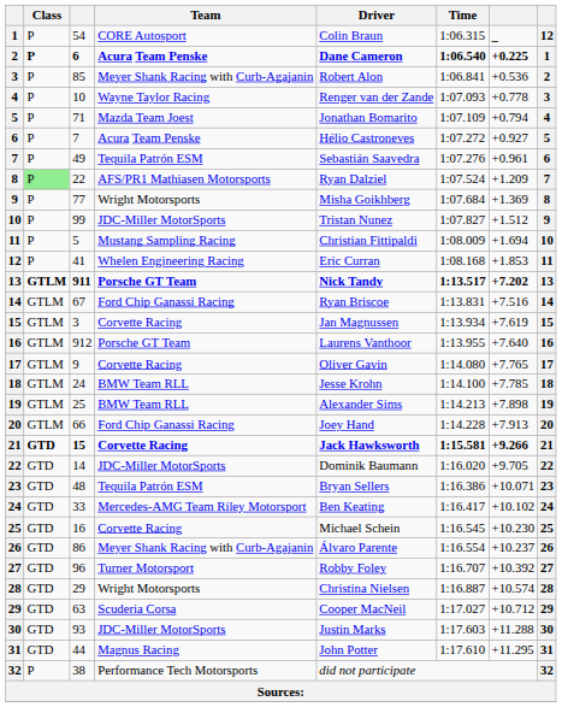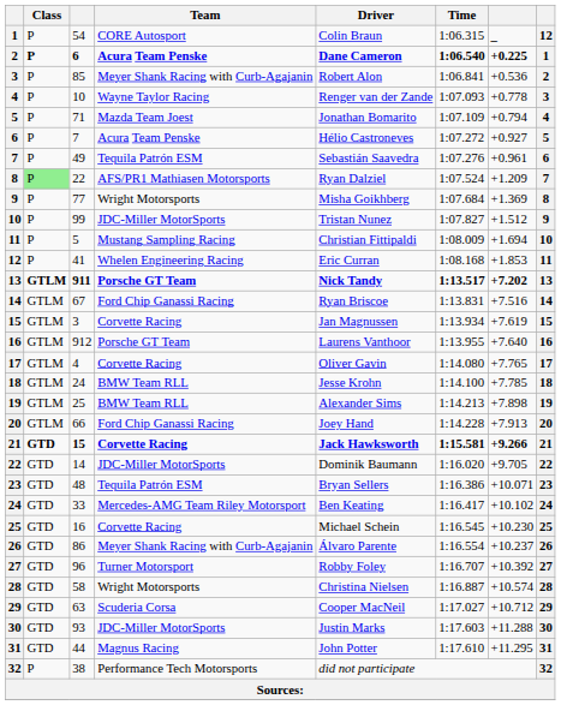 <table class="wikitable">
 <tr>
 <th scope="col"></th>
 <th scope="col">Class</th>
 <th scope="col"></th>
 <th scope="col">Team</th>
 <th scope="col">Driver</th>
 <th scope="col">Time</th>
 <th scope="col"></th>
 <th scope="col"></th>
 </tr>
 <tr>
 <th>1</th>
 <td>P</td>
 <td>54</td>
 <td> <a href='#'>CORE Autosport</a></td>
 <td> <a href='#'>Colin Braun</a></td>
 <td>1:06.315</td>
 <td><strong>_</strong></td>
 <th>12</th>
 </tr>
 <tr style="font-weight:bold">
 <th>2</th>
 <td>P</td>
 <td>6</td>
 <td> <a href='#'>Acura</a> <a href='#'>Team Penske</a></td>
 <td> <a href='#'>Dane Cameron</a></td>
 <td>1:06.540</td>
 <td>+0.225</td>
 <th>1</th>
 </tr>
 <tr>
 <th>3</th>
 <td>P</td>
 <td>85</td>
 <td> <a href='#'>Meyer Shank Racing</a> with <a href='#'>Curb-Agajanin</a></td>
 <td> <a href='#'>Robert Alon</a></td>
 <td>1:06.841</td>
 <td>+0.536</td>
 <th>2</th>
 </tr>
 <tr>
 <th>4</th>
 <td>P</td>
 <td>10</td>
 <td> <a href='#'>Wayne Taylor Racing</a></td>
 <td> <a href='#'>Renger van der Zande</a></td>
 <td>1:07.093</td>
 <td>+0.778</td>
 <th>3</th>
 </tr>
 <tr>
 <th>5</th>
 <td>P</td>
 <td>71</td>
 <td> <a href='#'>Mazda Team Joest</a></td>
 <td> <a href='#'>Jonathan Bomarito</a></td>
 <td>1:07.109</td>
 <td>+0.794</td>
 <th>4</th>
 </tr>
 <tr>
 <th>6</th>
 <td>P</td>
 <td>7</td>
 <td> <a href='#'>Acura</a> <a href='#'>Team Penske</a></td>
 <td> <a href='#'>Hélio Castroneves</a></td>
 <td>1:07.272</td>
 <td>+0.927</td>
 <th>5</th>
 </tr>
 <tr>
 <th>7</th>
 <td>P</td>
 <td>49</td>
 <td> <a href='#'>Tequila Patrón ESM</a></td>
 <td> <a href='#'>Sebastián Saavedra</a></td>
 <td>1:07.276</td>
 <td>+0.961</td>
 <th>6</th>
 </tr>
 <tr>
 <th>8</th>
 <td style="background: lightgreen;">P</td>
 <td>22</td>
 <td> <a href='#'>AFS/PR1 Mathiasen Motorsports</a></td>
 <td> <a href='#'>Ryan Dalziel</a></td>
 <td>1:07.524</td>
 <td>+1.209</td>
 <th>7</th>
 </tr>
 <tr>
 <th>9</th>
 <td>P</td>
 <td>77</td>
 <td> Wright Motorsports</td>
 <td> <a href='#'>Misha Goikhberg</a></td>
 <td>1:07.684</td>
 <td>+1.369</td>
 <th>8</th>
 </tr>
 <tr>
 <th>10</th>
 <td>P</td>
 <td>99</td>
 <td> <a href='#'>JDC-Miller MotorSports</a></td>
 <td> <a href='#'>Tristan Nunez</a></td>
 <td>1:07.827</td>
 <td>+1.512</td>
 <th>9</th>
 </tr>
 <tr>
 <th>11</th>
 <td>P</td>
 <td>5</td>
 <td> <a href='#'>Mustang Sampling Racing</a></td>
 <td> <a href='#'>Christian Fittipaldi</a></td>
 <td>1:08.009</td>
 <td>+1.694</td>
 <th>10</th>
 </tr>
 <tr>
 <th>12</th>
 <td>P</td>
 <td>41</td>
 <td> <a href='#'>Whelen Engineering Racing</a></td>
 <td> <a href='#'>Eric Curran</a></td>
 <td>1:08.168</td>
 <td>+1.853</td>
 <th>11</th>
 </tr>
 <tr style="font-weight:bold">
 <th>13</th>
 <td>GTLM</td>
 <td>911</td>
 <td> <a href='#'>Porsche GT Team</a></td>
 <td> <a href='#'>Nick Tandy</a></td>
 <td>1:13.517</td>
 <td>+7.202</td>
 <th>13</th>
 </tr>
 <tr>
 <th>14</th>
 <td>GTLM</td>
 <td>67</td>
 <td> <a href='#'>Ford Chip Ganassi Racing</a></td>
 <td> <a href='#'>Ryan Briscoe</a></td>
 <td>1:13.831</td>
 <td>+7.516</td>
 <th>14</th>
 </tr>
 <tr>
 <th>15</th>
 <td>GTLM</td>
 <td>3</td>
 <td> <a href='#'>Corvette Racing</a></td>
 <td> <a href='#'>Jan Magnussen</a></td>
 <td>1:13.934</td>
 <td>+7.619</td>
 <th>15</th>
 </tr>
 <tr>
 <th>16</th>
 <td>GTLM</td>
 <td>912</td>
 <td> <a href='#'>Porsche GT Team</a></td>
 <td> <a href='#'>Laurens Vanthoor</a></td>
 <td>1:13.955</td>
 <td>+7.640</td>
 <th>16</th>
 </tr>
 <tr>
 <th>17</th>
 <td>GTLM</td>
-<td>9</td>
+<td>4</td>
 <td> <a href='#'>Corvette Racing</a></td>
 <td> <a href='#'>Oliver Gavin</a></td>
 <td>1:14.080</td>
 <td>+7.765</td>
 <th>17</th>
 </tr>
 <tr>
 <th>18</th>
 <td>GTLM</td>
 <td>24</td>
 <td> <a href='#'>BMW Team RLL</a></td>
 <td> <a href='#'>Jesse Krohn</a></td>
 <td>1:14.100</td>
 <td>+7.785</td>
 <th>18</th>
 </tr>
 <tr>
 <th>19</th>
 <td>GTLM</td>
 <td>25</td>
 <td> <a href='#'>BMW Team RLL</a></td>
 <td> <a href='#'>Alexander Sims</a></td>
 <td>1:14.213</td>
 <td>+7.898</td>
 <th>19</th>
 </tr>
 <tr>
 <th>20</th>
 <td>GTLM</td>
 <td>66</td>
 <td> <a href='#'>Ford Chip Ganassi Racing</a></td>
 <td> <a href='#'>Joey Hand</a></td>
 <td>1:14.228</td>
 <td>+7.913</td>
 <th>20</th>
 </tr>
 <tr style="font-weight:bold">
 <th>21</th>
 <td>GTD</td>
 <td>15</td>
 <td> <a href='#'>Corvette Racing</a></td>
 <td> <a href='#'>Jack Hawksworth</a></td>
 <td>1:15.581</td>
 <td>+9.266</td>
 <th>21</th>
 </tr>
 <tr>
 <th>22</th>
 <td>GTD</td>
 <td>14</td>
 <td> <a href='#'>JDC-Miller MotorSports</a></td>
 <td> Dominik Baumann</td>
 <td>1:16.020</td>
 <td>+9.705</td>
 <th>22</th>
 </tr>
 <tr>
 <th>23</th>
 <td>GTD</td>
 <td>48</td>
 <td> <a href='#'>Tequila Patrón ESM</a></td>
 <td> <a href='#'>Bryan Sellers</a></td>
 <td>1:16.386</td>
 <td>+10.071</td>
 <th>23</th>
 </tr>
 <tr>
 <th>24</th>
 <td>GTD</td>
 <td>33</td>
 <td> <a href='#'>Mercedes-AMG Team Riley Motorsport</a></td>
 <td> <a href='#'>Ben Keating</a></td>
 <td>1:16.417</td>
 <td>+10.102</td>
 <th>24</th>
 </tr>
 <tr>
 <th>25</th>
 <td>GTD</td>
 <td>16</td>
 <td> <a href='#'>Corvette Racing</a></td>
 <td> Michael Schein</td>
 <td>1:16.545</td>
 <td>+10.230</td>
 <th>25</th>
 </tr>
 <tr>
 <th>26</th>
 <td>GTD</td>
 <td>86</td>
 <td> <a href='#'>Meyer Shank Racing</a> with <a href='#'>Curb-Agajanin</a></td>
 <td> <a href='#'>Álvaro Parente</a></td>
 <td>1:16.554</td>
 <td>+10.237</td>
 <th>26</th>
 </tr>
 <tr>
 <th>27</th>
 <td>GTD</td>
 <td>96</td>
 <td> <a href='#'>Turner Motorsport</a></td>
 <td> <a href='#'>Robby Foley</a></td>
 <td>1:16.707</td>
 <td>+10.392</td>
 <th>27</th>
 </tr>
 <tr>
 <th>28</th>
 <td>GTD</td>
-<td>29</td>
+<td>58</td>
 <td> Wright Motorsports</td>
 <td> <a href='#'>Christina Nielsen</a></td>
 <td>1:16.887</td>
 <td>+10.574</td>
 <th>28</th>
 </tr>
 <tr>
 <th>29</th>
 <td>GTD</td>
 <td>63</td>
 <td> <a href='#'>Scuderia Corsa</a></td>
 <td> <a href='#'>Cooper MacNeil</a></td>
 <td>1:17.027</td>
 <td>+10.712</td>
 <th>29</th>
 </tr>
 <tr>
 <th>30</th>
 <td>GTD</td>
 <td>93</td>
 <td> <a href='#'>JDC-Miller MotorSports</a></td>
 <td> <a href='#'>Justin Marks</a></td>
 <td>1:17.603</td>
 <td>+11.288</td>
 <th>30</th>
 </tr>
 <tr>
 <th>31</th>
 <td>GTD</td>
 <td>44</td>
 <td> <a href='#'>Magnus Racing</a></td>
 <td> <a href='#'>John Potter</a></td>
 <td>1:17.610</td>
 <td>+11.295</td>
 <th>31</th>
 </tr>
 <tr>
 <th>32</th>
 <td>P</td>
 <td>38</td>
 <td> Performance Tech Motorsports</td>
 <td colspan="3"><em>did not participate</em></td>
 <th>32</th>
 </tr>
 <tr>
 <th colspan="8">Sources:</th>
 </tr>
 <tr>
 </tr>
 </table>
